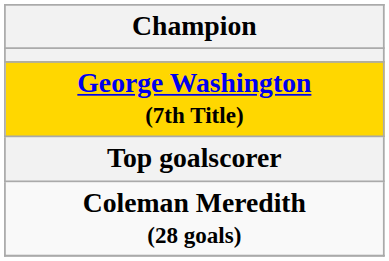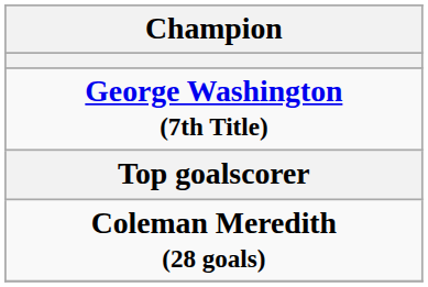 <table class="wikitable" style="margin: 0 auto; width: 220px;">
 <tr>
 <th>Champion</th>
 </tr>
 <tr>
 <th></th>
 </tr>
 <tr>
-<td align="center" style="background: gold;"><strong><a href='#'>George Washington</a></strong><br><small><strong>(7th Title)</strong></small></td>
+<td align="center"><strong><a href='#'>George Washington</a></strong><br><small><strong>(7th Title)</strong></small></td>
 </tr>
 <tr>
 <th>Top goalscorer</th>
 </tr>
 <tr>
 <td align="center"><strong>Coleman Meredith </strong><br><small><strong>(28 goals)</strong></small></td>
 </tr>
 <tr>
 </tr>
 </table>
